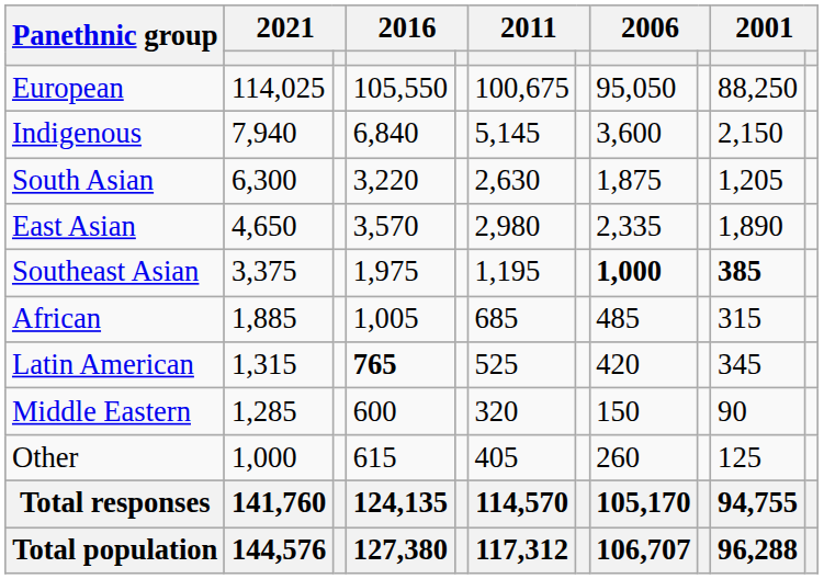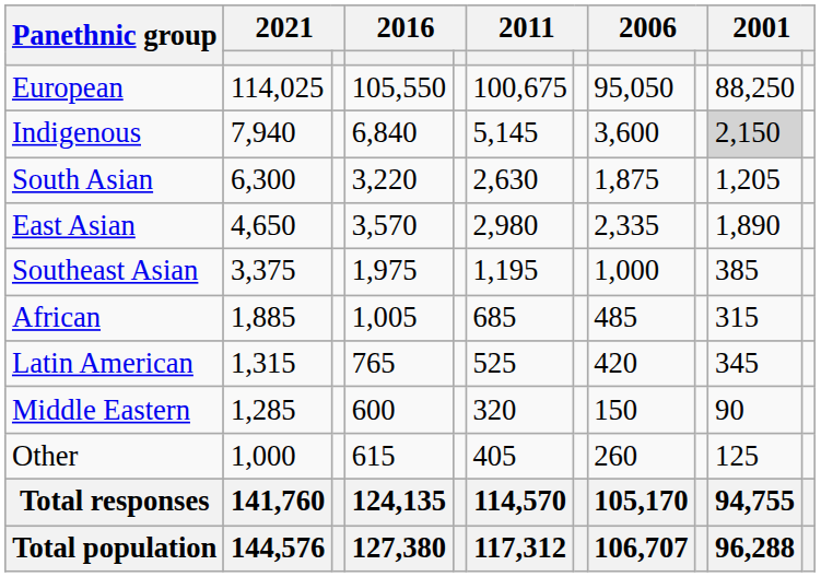 <table class="wikitable collapsible sortable">
 <tr>
 <th rowspan="2"><a href='#'>Panethnic</a> group</th>
 <th colspan="2">2021</th>
 <th colspan="2">2016</th>
 <th colspan="2">2011</th>
 <th colspan="2">2006</th>
 <th colspan="2">2001</th>
 </tr>
 <tr>
 <th><a href='#'></a></th>
 <th></th>
 <th></th>
 <th></th>
 <th></th>
 <th></th>
 <th></th>
 <th></th>
 <th></th>
 <th></th>
 </tr>
 <tr>
 <td><a href='#'>European</a></td>
 <td>114,025</td>
 <td></td>
 <td>105,550</td>
 <td></td>
 <td>100,675</td>
 <td></td>
 <td>95,050</td>
 <td></td>
 <td>88,250</td>
 <td></td>
 </tr>
 <tr>
 <td><a href='#'>Indigenous</a></td>
 <td>7,940</td>
 <td></td>
 <td>6,840</td>
 <td></td>
 <td>5,145</td>
 <td></td>
 <td>3,600</td>
 <td></td>
-<td>2,150</td>
+<td style="background: lightgrey;">2,150</td>
 <td></td>
 </tr>
 <tr>
 <td><a href='#'>South Asian</a></td>
 <td>6,300</td>
 <td></td>
 <td>3,220</td>
 <td></td>
 <td>2,630</td>
 <td></td>
 <td>1,875</td>
 <td></td>
 <td>1,205</td>
 <td></td>
 </tr>
 <tr>
 <td><a href='#'>East Asian</a></td>
 <td>4,650</td>
 <td></td>
 <td>3,570</td>
 <td></td>
 <td>2,980</td>
 <td></td>
 <td>2,335</td>
 <td></td>
 <td>1,890</td>
 <td></td>
 </tr>
 <tr>
 <td><a href='#'>Southeast Asian</a></td>
 <td>3,375</td>
 <td></td>
 <td>1,975</td>
 <td></td>
 <td>1,195</td>
 <td></td>
-<td><strong>1,000</strong></td>
+<td>1,000</td>
 <td></td>
-<td><strong>385</strong></td>
+<td>385</td>
 <td></td>
 </tr>
 <tr>
 <td><a href='#'>African</a></td>
 <td>1,885</td>
 <td></td>
 <td>1,005</td>
 <td></td>
 <td>685</td>
 <td></td>
 <td>485</td>
 <td></td>
 <td>315</td>
 <td></td>
 </tr>
 <tr>
 <td><a href='#'>Latin American</a></td>
 <td>1,315</td>
 <td></td>
-<td><strong>765</strong></td>
+<td>765</td>
 <td></td>
 <td>525</td>
 <td></td>
 <td>420</td>
 <td></td>
 <td>345</td>
 <td></td>
 </tr>
 <tr>
 <td><a href='#'>Middle Eastern</a></td>
 <td>1,285</td>
 <td></td>
 <td>600</td>
 <td></td>
 <td>320</td>
 <td></td>
 <td>150</td>
 <td></td>
 <td>90</td>
 <td></td>
 </tr>
 <tr>
 <td>Other</td>
 <td>1,000</td>
 <td></td>
 <td>615</td>
 <td></td>
 <td>405</td>
 <td></td>
 <td>260</td>
 <td></td>
 <td>125</td>
 <td></td>
 </tr>
 <tr>
 <th>Total responses</th>
 <th>141,760</th>
 <th></th>
 <th>124,135</th>
 <th></th>
 <th>114,570</th>
 <th></th>
 <th>105,170</th>
 <th></th>
 <th>94,755</th>
 <th></th>
 </tr>
 <tr>
 <th>Total population</th>
 <th>144,576</th>
 <th></th>
 <th>127,380</th>
 <th></th>
 <th>117,312</th>
 <th></th>
 <th>106,707</th>
 <th></th>
 <th>96,288</th>
 <th></th>
 </tr>
 </table>
